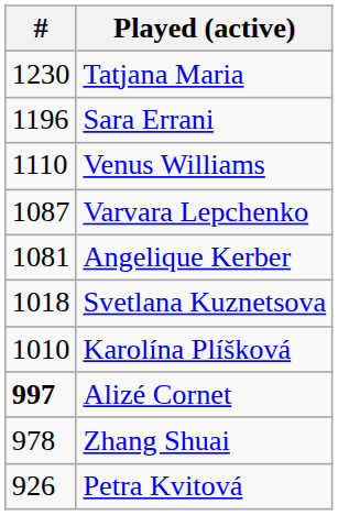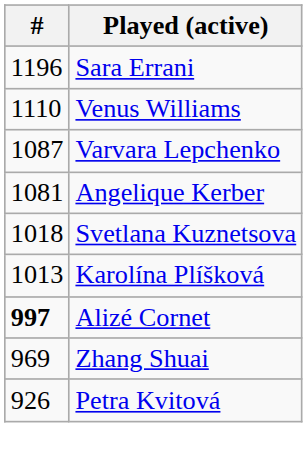 <table class=wikitable style=display:inline-table>
 <tr>
 <th>#</th>
 <th>Played (active)</th>
-</tr>
-<tr>
-<td>1230</td>
-<td> <a href='#'>Tatjana Maria</a></td>
 </tr>
 <tr>
 <td>1196</td>
 <td> <a href='#'>Sara Errani</a></td>
 </tr>
 <tr>
 <td>1110</td>
 <td> <a href='#'>Venus Williams</a></td>
 </tr>
 <tr>
 <td>1087</td>
 <td> <a href='#'>Varvara Lepchenko</a></td>
 </tr>
 <tr>
 <td>1081</td>
 <td> <a href='#'>Angelique Kerber</a></td>
 </tr>
 <tr>
 <td>1018</td>
 <td> <a href='#'>Svetlana Kuznetsova</a></td>
 </tr>
 <tr>
-<td>1010</td>
+<td>1013</td>
 <td> <a href='#'>Karolína Plíšková</a></td>
 </tr>
 <tr>
 <td><strong>997</strong></td>
 <td> <a href='#'>Alizé Cornet</a></td>
 </tr>
 <tr>
-<td>978</td>
+<td>969</td>
 <td> <a href='#'>Zhang Shuai</a></td>
 </tr>
 <tr>
 <td>926</td>
 <td> <a href='#'>Petra Kvitová</a></td>
 </tr>
 </table>
